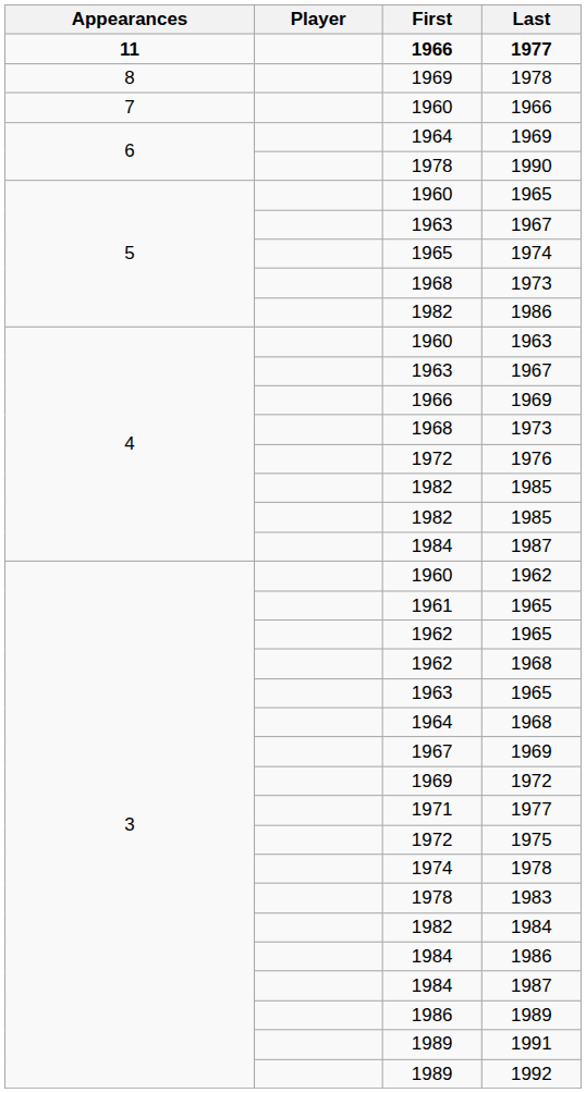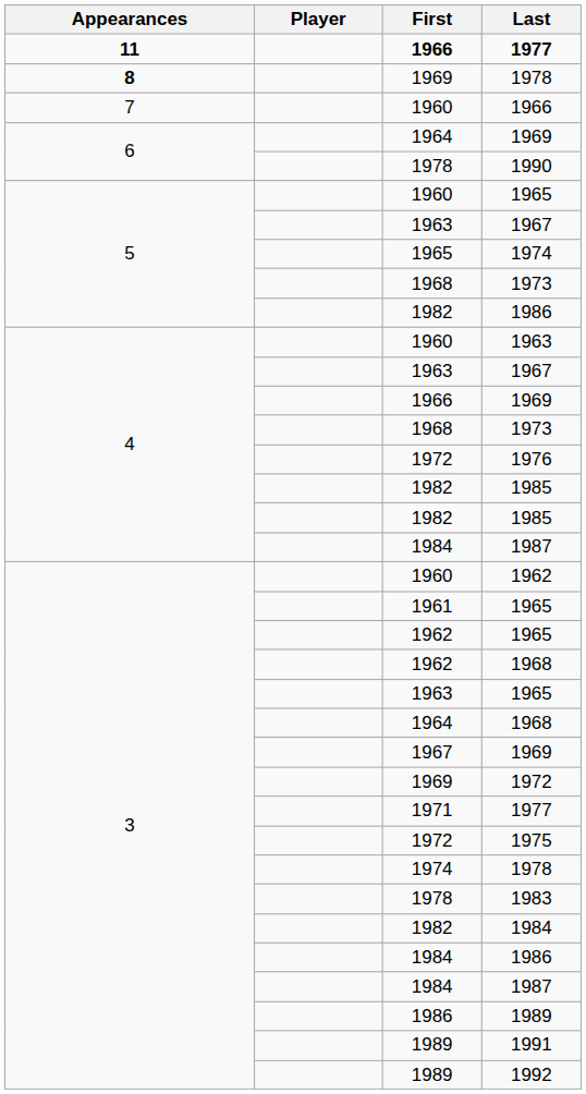 <table class="wikitable" width="500" style="text-align:center">
 <tr>
 <th>Appearances</th>
 <th>Player</th>
 <th>First</th>
 <th>Last</th>
 </tr>
 <tr>
 <td rowspan="1"><strong>11</strong></td>
 <td style="text-align:left"><strong></strong></td>
 <td><strong>1966</strong></td>
 <td><strong>1977</strong></td>
 </tr>
 <tr>
-<td rowspan="1">8</td>
+<td rowspan="1"><strong>8</strong></td>
 <td style="text-align:left"></td>
 <td>1969</td>
 <td>1978</td>
 </tr>
 <tr>
 <td rowspan="1">7</td>
 <td style="text-align:left"></td>
 <td>1960</td>
 <td>1966</td>
 </tr>
 <tr>
 <td rowspan="2">6</td>
 <td style="text-align:left"></td>
 <td>1964</td>
 <td>1969</td>
 </tr>
 <tr>
 <td style="text-align:left"></td>
 <td>1978</td>
 <td>1990</td>
 </tr>
 <tr>
 <td rowspan="5">5</td>
 <td style="text-align:left"></td>
 <td>1960</td>
 <td>1965</td>
 </tr>
 <tr>
 <td style="text-align:left"></td>
 <td>1963</td>
 <td>1967</td>
 </tr>
 <tr>
 <td style="text-align:left"></td>
 <td>1965</td>
 <td>1974</td>
 </tr>
 <tr>
 <td style="text-align:left"></td>
 <td>1968</td>
 <td>1973</td>
 </tr>
 <tr>
 <td style="text-align:left"></td>
 <td>1982</td>
 <td>1986</td>
 </tr>
 <tr>
 <td rowspan="8">4</td>
 <td style="text-align:left"></td>
 <td>1960</td>
 <td>1963</td>
 </tr>
 <tr>
 <td style="text-align:left"></td>
 <td>1963</td>
 <td>1967</td>
 </tr>
 <tr>
 <td style="text-align:left"></td>
 <td>1966</td>
 <td>1969</td>
 </tr>
 <tr>
 <td style="text-align:left"></td>
 <td>1968</td>
 <td>1973</td>
 </tr>
 <tr>
 <td style="text-align:left"></td>
 <td>1972</td>
 <td>1976</td>
 </tr>
 <tr>
 <td style="text-align:left"></td>
 <td>1982</td>
 <td>1985</td>
 </tr>
 <tr>
 <td style="text-align:left"></td>
 <td>1982</td>
 <td>1985</td>
 </tr>
 <tr>
 <td style="text-align:left"></td>
 <td>1984</td>
 <td>1987</td>
 </tr>
 <tr>
 <td rowspan="18">3</td>
 <td style="text-align:left"></td>
 <td>1960</td>
 <td>1962</td>
 </tr>
 <tr>
 <td style="text-align:left"></td>
 <td>1961</td>
 <td>1965</td>
 </tr>
 <tr>
 <td style="text-align:left"></td>
 <td>1962</td>
 <td>1965</td>
 </tr>
 <tr>
 <td style="text-align:left"></td>
 <td>1962</td>
 <td>1968</td>
 </tr>
 <tr>
 <td style="text-align:left"></td>
 <td>1963</td>
 <td>1965</td>
 </tr>
 <tr>
 <td style="text-align:left"></td>
 <td>1964</td>
 <td>1968</td>
 </tr>
 <tr>
 <td style="text-align:left"></td>
 <td>1967</td>
 <td>1969</td>
 </tr>
 <tr>
 <td style="text-align:left"></td>
 <td>1969</td>
 <td>1972</td>
 </tr>
 <tr>
 <td style="text-align:left"></td>
 <td>1971</td>
 <td>1977</td>
 </tr>
 <tr>
 <td style="text-align:left"></td>
 <td>1972</td>
 <td>1975</td>
 </tr>
 <tr>
 <td style="text-align:left"></td>
 <td>1974</td>
 <td>1978</td>
 </tr>
 <tr>
 <td style="text-align:left"></td>
 <td>1978</td>
 <td>1983</td>
 </tr>
 <tr>
 <td style="text-align:left"></td>
 <td>1982</td>
 <td>1984</td>
 </tr>
 <tr>
 <td style="text-align:left"></td>
 <td>1984</td>
 <td>1986</td>
 </tr>
 <tr>
 <td style="text-align:left"></td>
 <td>1984</td>
 <td>1987</td>
 </tr>
 <tr>
 <td style="text-align:left"></td>
 <td>1986</td>
 <td>1989</td>
 </tr>
 <tr>
 <td style="text-align:left"></td>
 <td>1989</td>
 <td>1991</td>
 </tr>
 <tr>
 <td style="text-align:left"></td>
 <td>1989</td>
 <td>1992</td>
 </tr>
 <tr>
 </tr>
 </table>
